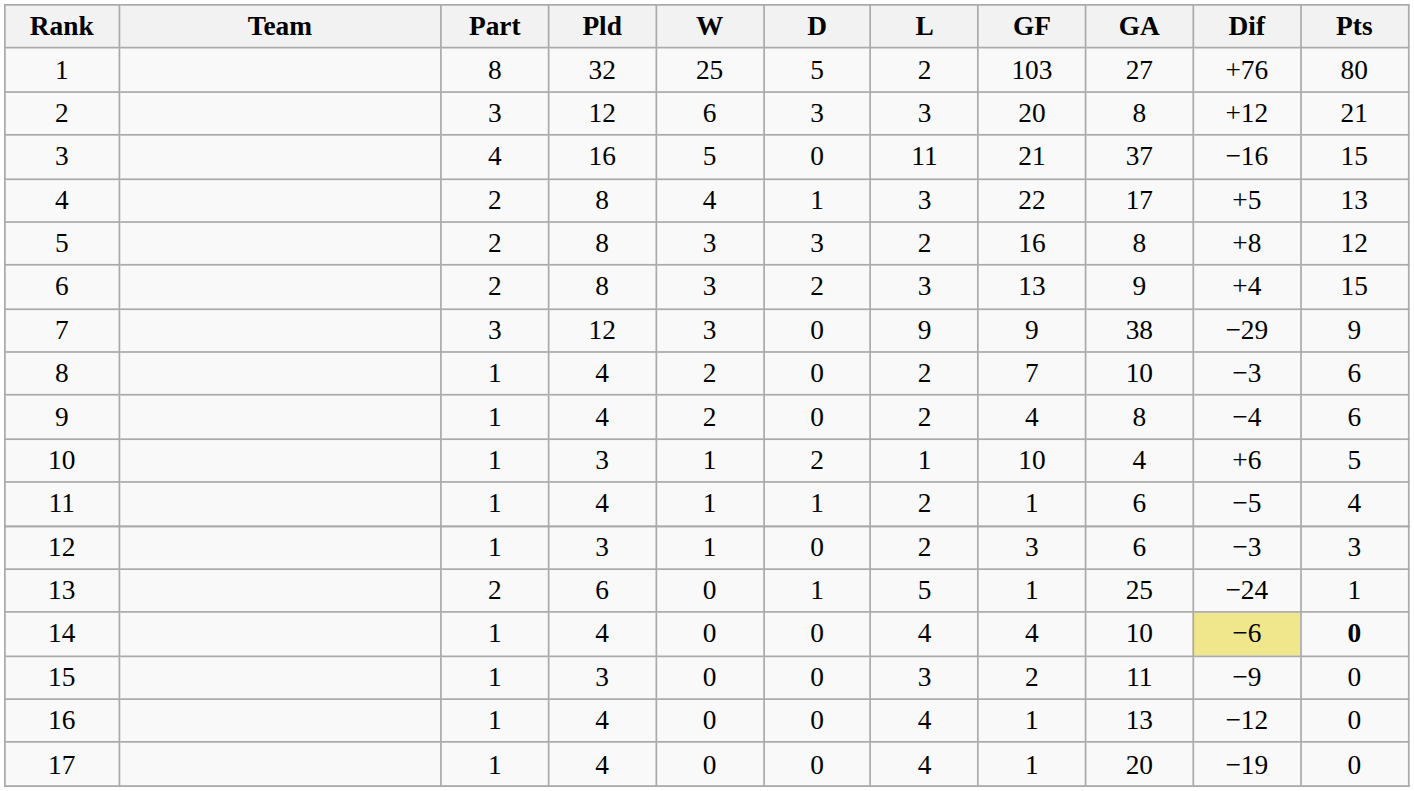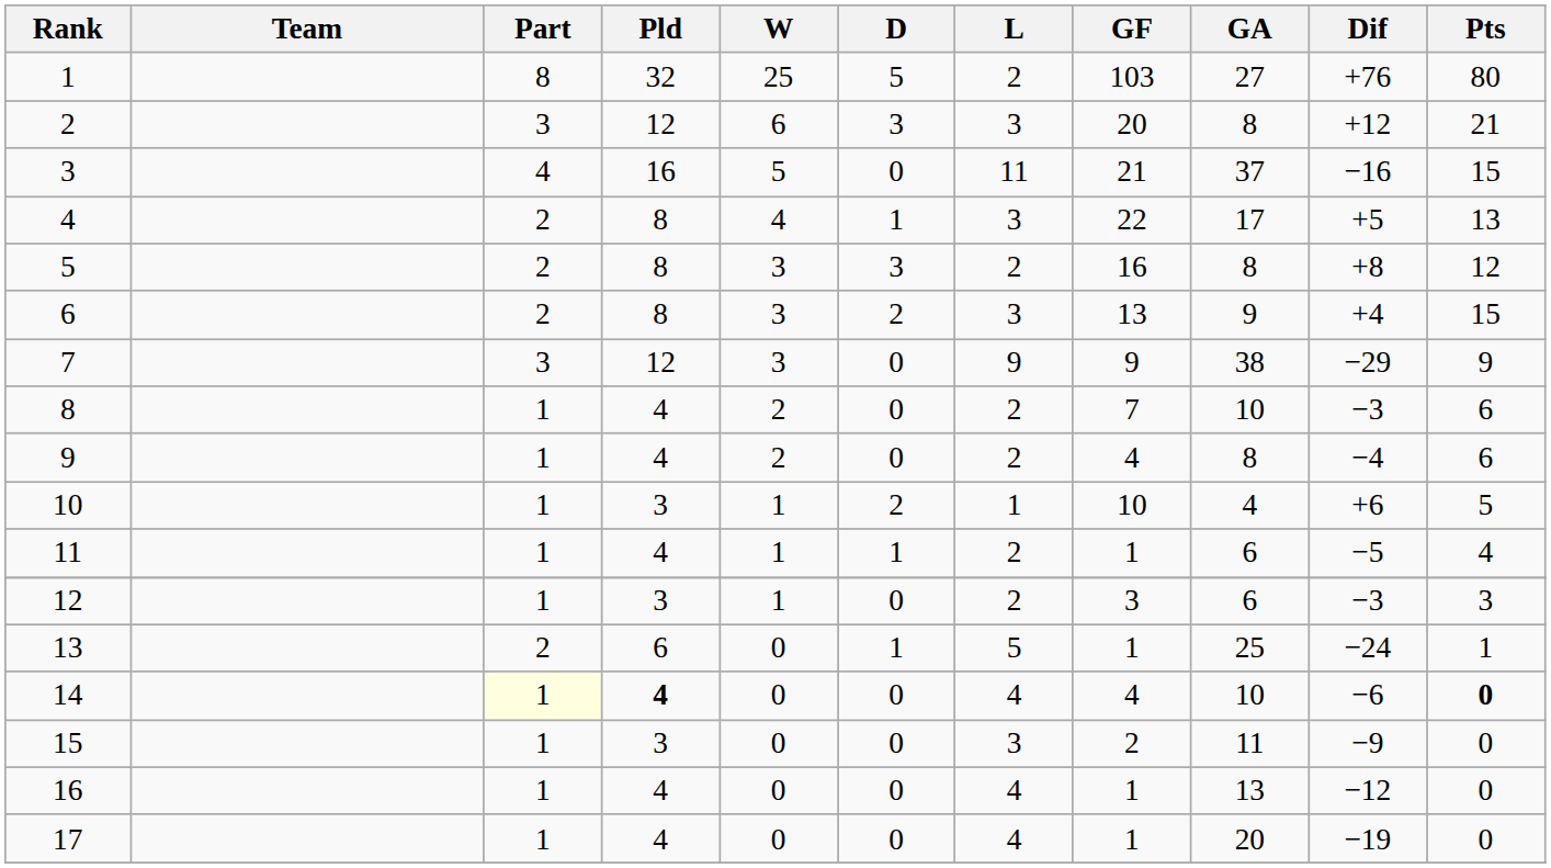 <table class="wikitable sortable" width=65% style="text-align:center">
 <tr>
 <th width=5%>Rank</th>
 <th width=15%>Team</th>
 <th width=5%>Part</th>
 <th width=5%>Pld</th>
 <th width=5%>W</th>
 <th width=5%>D</th>
 <th width=5%>L</th>
 <th width=5%>GF</th>
 <th width=5%>GA</th>
 <th width=5%>Dif</th>
 <th width=5%>Pts</th>
 </tr>
 <tr>
 <td>1</td>
 <td style="text-align:left;"></td>
 <td>8</td>
 <td>32</td>
 <td>25</td>
 <td>5</td>
 <td>2</td>
 <td>103</td>
 <td>27</td>
 <td>+76</td>
 <td>80</td>
 </tr>
 <tr>
 <td>2</td>
 <td style="text-align:left;"></td>
 <td>3</td>
 <td>12</td>
 <td>6</td>
 <td>3</td>
 <td>3</td>
 <td>20</td>
 <td>8</td>
 <td>+12</td>
 <td>21</td>
 </tr>
 <tr>
 <td>3</td>
 <td style="text-align:left;"></td>
 <td>4</td>
 <td>16</td>
 <td>5</td>
 <td>0</td>
 <td>11</td>
 <td>21</td>
 <td>37</td>
 <td>−16</td>
 <td>15</td>
 </tr>
 <tr>
 <td>4</td>
 <td style="text-align:left;"></td>
 <td>2</td>
 <td>8</td>
 <td>4</td>
 <td>1</td>
 <td>3</td>
 <td>22</td>
 <td>17</td>
 <td>+5</td>
 <td>13</td>
 </tr>
 <tr>
 <td>5</td>
 <td style="text-align:left;"></td>
 <td>2</td>
 <td>8</td>
 <td>3</td>
 <td>3</td>
 <td>2</td>
 <td>16</td>
 <td>8</td>
 <td>+8</td>
 <td>12</td>
 </tr>
 <tr>
 <td>6</td>
 <td style="text-align:left;"></td>
 <td>2</td>
 <td>8</td>
 <td>3</td>
 <td>2</td>
 <td>3</td>
 <td>13</td>
 <td>9</td>
 <td>+4</td>
 <td>15</td>
 </tr>
 <tr>
 <td>7</td>
 <td style="text-align:left;"></td>
 <td>3</td>
 <td>12</td>
 <td>3</td>
 <td>0</td>
 <td>9</td>
 <td>9</td>
 <td>38</td>
 <td>−29</td>
 <td>9</td>
 </tr>
 <tr>
 <td>8</td>
 <td style="text-align:left;"></td>
 <td>1</td>
 <td>4</td>
 <td>2</td>
 <td>0</td>
 <td>2</td>
 <td>7</td>
 <td>10</td>
 <td>−3</td>
 <td>6</td>
 </tr>
 <tr>
 <td>9</td>
 <td style="text-align:left;"></td>
 <td>1</td>
 <td>4</td>
 <td>2</td>
 <td>0</td>
 <td>2</td>
 <td>4</td>
 <td>8</td>
 <td>−4</td>
 <td>6</td>
 </tr>
 <tr>
 <td>10</td>
 <td style="text-align:left;"></td>
 <td>1</td>
 <td>3</td>
 <td>1</td>
 <td>2</td>
 <td>1</td>
 <td>10</td>
 <td>4</td>
 <td>+6</td>
 <td>5</td>
 </tr>
 <tr>
 <td>11</td>
 <td style="text-align:left;"></td>
 <td>1</td>
 <td>4</td>
 <td>1</td>
 <td>1</td>
 <td>2</td>
 <td>1</td>
 <td>6</td>
 <td>−5</td>
 <td>4</td>
 </tr>
 <tr>
 </tr>
 <tr>
 <td>12</td>
 <td style="text-align:left;"></td>
 <td>1</td>
 <td>3</td>
 <td>1</td>
 <td>0</td>
 <td>2</td>
 <td>3</td>
 <td>6</td>
 <td>−3</td>
 <td>3</td>
 </tr>
 <tr>
 <td>13</td>
 <td style="text-align:left;"></td>
 <td>2</td>
 <td>6</td>
 <td>0</td>
 <td>1</td>
 <td>5</td>
 <td>1</td>
 <td>25</td>
 <td>−24</td>
 <td>1</td>
 </tr>
 <tr>
 <td>14</td>
 <td style="text-align:left;"></td>
-<td>1</td>
-<td>4</td>
+<td style="background: lightyellow;">1</td>
+<td><strong>4</strong></td>
 <td>0</td>
 <td>0</td>
 <td>4</td>
 <td>4</td>
 <td>10</td>
-<td style="background: khaki;">−6</td>
+<td>−6</td>
 <td><strong>0</strong></td>
 </tr>
 <tr>
 <td>15</td>
 <td style="text-align:left;"></td>
 <td>1</td>
 <td>3</td>
 <td>0</td>
 <td>0</td>
 <td>3</td>
 <td>2</td>
 <td>11</td>
 <td>−9</td>
 <td>0</td>
 </tr>
 <tr>
 <td>16</td>
 <td style="text-align:left;"></td>
 <td>1</td>
 <td>4</td>
 <td>0</td>
 <td>0</td>
 <td>4</td>
 <td>1</td>
 <td>13</td>
 <td>−12</td>
 <td>0</td>
 </tr>
 <tr>
 <td>17</td>
 <td style="text-align:left;"></td>
 <td>1</td>
 <td>4</td>
 <td>0</td>
 <td>0</td>
 <td>4</td>
 <td>1</td>
 <td>20</td>
 <td>−19</td>
 <td>0</td>
 </tr>
 <tr>
 </tr>
 </table>
